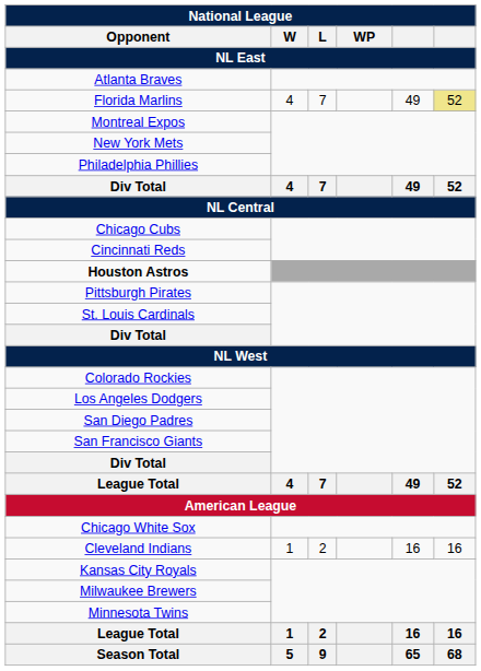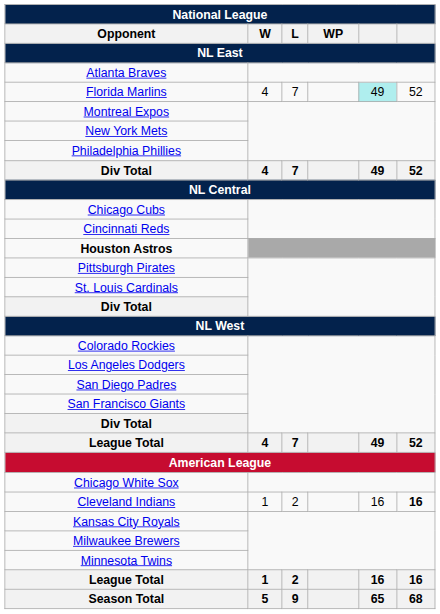 <table class="wikitable" style="margin:1em auto; font-size:95%; text-align:center; width:35em;">
 <tr>
 <th colspan="7" style="background:#03224c; color:#ffffff;">National League</th>
 </tr>
 <tr>
 <th>Opponent</th>
 <th>W</th>
 <th>L</th>
 <th>WP</th>
 <th></th>
 <th></th>
 </tr>
 <tr>
 <th colspan="7" style="background:#03224c; color:#ffffff;">NL East</th>
 </tr>
 <tr>
 <td><a href='#'>Atlanta Braves</a></td>
 </tr>
 <tr>
 <td><a href='#'><span>Florida Marlins</span></a></td>
 <td>4</td>
 <td>7</td>
 <td></td>
-<td>49</td>
-<td style="background: khaki;">52</td>
+<td style="background: paleturquoise;">49</td>
+<td>52</td>
 </tr>
 <tr>
 <td><a href='#'>Montreal Expos</a></td>
 </tr>
 <tr>
 <td><a href='#'>New York Mets</a></td>
 </tr>
 <tr>
 <td><a href='#'>Philadelphia Phillies</a></td>
 </tr>
 <tr>
 <th>Div Total</th>
 <th>4</th>
 <th>7</th>
 <th></th>
 <th>49</th>
 <th>52</th>
 </tr>
 <tr>
 <th colspan="7" style="background:#03224c; color:#ffffff;">NL Central</th>
 </tr>
 <tr>
 <td><a href='#'>Chicago Cubs</a></td>
 </tr>
 <tr>
 <td><a href='#'>Cincinnati Reds</a></td>
 </tr>
 <tr>
 <td><span><strong>Houston Astros</strong></span></td>
 <td colspan=5 style="background:darkgray;"></td>
 </tr>
 <tr>
 <td><a href='#'><span>Pittsburgh Pirates</span></a></td>
 </tr>
 <tr>
 <td><a href='#'>St. Louis Cardinals</a></td>
 </tr>
 <tr>
 <th>Div Total</th>
 </tr>
 <tr>
 <th colspan="7" style="background:#03224c; color:#ffffff;">NL West</th>
 </tr>
 <tr>
 <td><a href='#'>Colorado Rockies</a></td>
 </tr>
 <tr>
 <td><a href='#'>Los Angeles Dodgers</a></td>
 </tr>
 <tr>
 <td><a href='#'>San Diego Padres</a></td>
 </tr>
 <tr>
 <td><a href='#'>San Francisco Giants</a></td>
 </tr>
 <tr>
 <th>Div Total</th>
 </tr>
 <tr>
 <th>League Total</th>
 <th>4</th>
 <th>7</th>
 <th></th>
 <th>49</th>
 <th>52</th>
 </tr>
 <tr>
 <th colspan="7" style="background:#c60c30; color:#ffffff;">American League</th>
 </tr>
 <tr>
 <td><a href='#'>Chicago White Sox</a></td>
 </tr>
 <tr>
 <td><a href='#'><span>Cleveland Indians</span></a></td>
 <td>1</td>
 <td>2</td>
 <td></td>
 <td>16</td>
-<td>16</td>
+<td><strong>16</strong></td>
 </tr>
 <tr>
 <td><a href='#'>Kansas City Royals</a></td>
 </tr>
 <tr>
 <td><a href='#'>Milwaukee Brewers</a></td>
 </tr>
 <tr>
 <td><a href='#'>Minnesota Twins</a></td>
 </tr>
 <tr>
 <th>League Total</th>
 <th>1</th>
 <th>2</th>
 <th></th>
 <th>16</th>
 <th>16</th>
 </tr>
 <tr>
 <th>Season Total</th>
 <th>5</th>
 <th>9</th>
 <th></th>
 <th>65</th>
 <th>68</th>
 </tr>
 </table>
